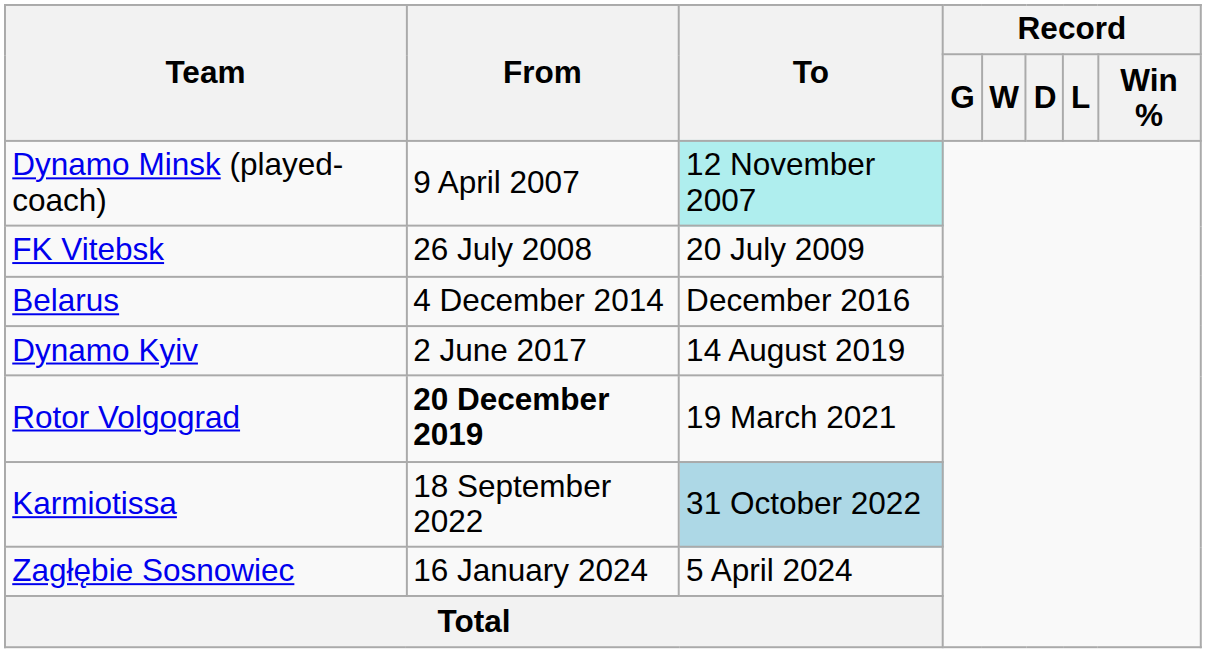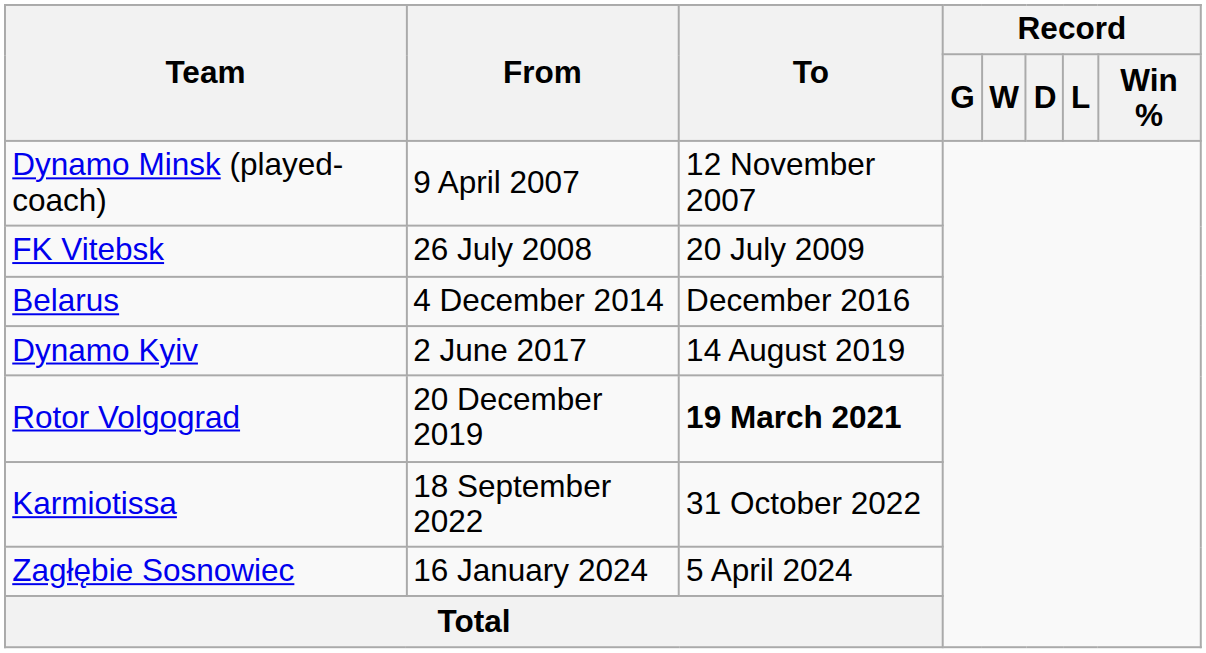 <table class="wikitable" style="text-align: center">
 <tr>
 <th rowspan="2">Team</th>
 <th rowspan="2">From</th>
 <th rowspan="2">To</th>
 <th colspan="5">Record</th>
 </tr>
 <tr>
 <th>G</th>
 <th>W</th>
 <th>D</th>
 <th>L</th>
 <th>Win %</th>
 </tr>
 <tr>
 <td align=left><a href='#'>Dynamo Minsk</a> (played-coach)</td>
 <td align=left>9 April 2007</td>
-<td align=left style="background: paleturquoise;">12 November 2007<br></td>
+<td align=left>12 November 2007<br></td>
 </tr>
 <tr>
 <td align=left><a href='#'>FK Vitebsk</a></td>
 <td align=left>26 July 2008</td>
 <td align=left>20 July 2009<br></td>
 </tr>
 <tr>
 <td align=left><a href='#'>Belarus</a></td>
 <td align=left>4 December 2014</td>
 <td align=left>December 2016<br></td>
 </tr>
 <tr>
 <td align=left><a href='#'>Dynamo Kyiv</a></td>
 <td align=left>2 June 2017</td>
 <td align=left>14 August 2019<br></td>
 </tr>
 <tr>
 <td align=left><a href='#'>Rotor Volgograd</a></td>
-<td align=left><strong>20 December 2019</strong></td>
-<td align=left>19 March 2021<br></td>
+<td align=left>20 December 2019</td>
+<td align=left><strong>19 March 2021<br></strong></td>
 </tr>
 <tr>
 <td align=left><a href='#'>Karmiotissa</a></td>
 <td align=left>18 September 2022</td>
-<td align=left style="background: lightblue;">31 October 2022<br></td>
+<td align=left>31 October 2022<br></td>
 </tr>
 <tr>
 <td align=left><a href='#'>Zagłębie Sosnowiec</a></td>
 <td align=left>16 January 2024</td>
 <td align=left>5 April 2024<br></td>
 </tr>
 <tr>
 <th colspan="3">Total<br></th>
 </tr>
 </table>
